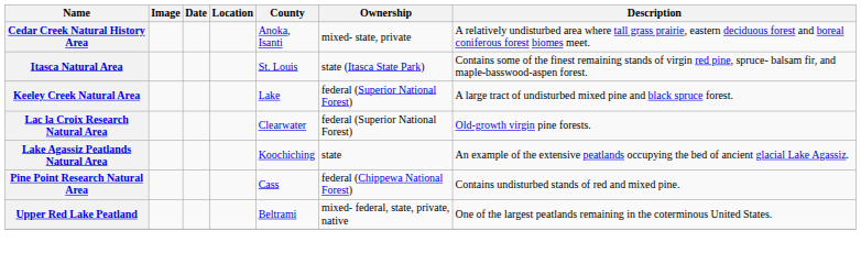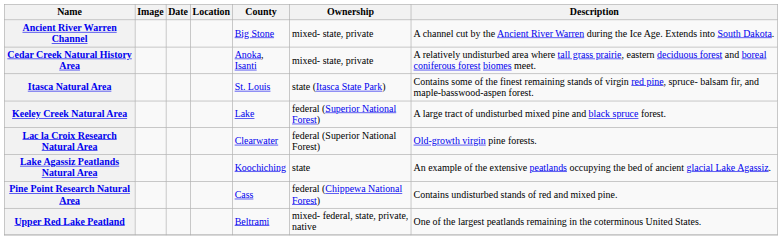 <table class="wikitable sortable" align="center">
 <tr>
 <th style="background-color:">Name</th>
 <th style="background-color:">Image</th>
 <th style="background-color:">Date</th>
 <th style="background-color:">Location</th>
 <th style="background-color:">County</th>
 <th style="background-color:">Ownership</th>
 <th style="background-color:">Description</th>
+</tr>
+<tr>
+<th><a href='#'>Ancient River Warren Channel</a></th>
+<td></td>
+<td></td>
+<td></td>
+<td><a href='#'>Big Stone</a></td>
+<td>mixed- state, private</td>
+<td>A channel cut by the <a href='#'>Ancient River Warren</a> during the Ice Age. Extends into <a href='#'>South Dakota</a>.</td>
 </tr>
 <tr>
 <th><a href='#'>Cedar Creek Natural History Area</a></th>
 <td></td>
 <td></td>
 <td></td>
 <td><a href='#'>Anoka</a>, <a href='#'>Isanti</a></td>
 <td>mixed- state, private</td>
 <td>A relatively undisturbed area where <a href='#'>tall grass prairie</a>, eastern <a href='#'>deciduous forest</a> and <a href='#'>boreal</a> <a href='#'>coniferous forest</a> <a href='#'>biomes</a> meet.</td>
 </tr>
 <tr>
 <th><a href='#'>Itasca Natural Area</a></th>
 <td></td>
 <td></td>
 <td></td>
 <td><a href='#'>St. Louis</a></td>
 <td>state (<a href='#'>Itasca State Park</a>)</td>
 <td>Contains some of the finest remaining stands of virgin <a href='#'>red pine</a>, spruce- balsam fir, and maple-basswood-aspen forest.</td>
 </tr>
 <tr>
 <th><a href='#'>Keeley Creek Natural Area</a></th>
 <td></td>
 <td></td>
 <td></td>
 <td><a href='#'>Lake</a></td>
 <td>federal (<a href='#'>Superior National Forest</a>)</td>
 <td>A large tract of undisturbed mixed pine and <a href='#'>black spruce</a> forest.</td>
 </tr>
 <tr>
 <th><a href='#'>Lac la Croix Research Natural Area</a></th>
 <td></td>
 <td></td>
 <td></td>
 <td><a href='#'>Clearwater</a></td>
 <td>federal (Superior National Forest)</td>
 <td><a href='#'>Old-growth virgin</a> pine forests.</td>
 </tr>
 <tr>
 <th><a href='#'>Lake Agassiz Peatlands Natural Area</a></th>
 <td></td>
 <td></td>
 <td></td>
 <td><a href='#'>Koochiching</a></td>
 <td>state</td>
 <td>An example of the extensive <a href='#'>peatlands</a> occupying the bed of ancient <a href='#'>glacial Lake Agassiz</a>.</td>
 </tr>
 <tr>
 <th><a href='#'>Pine Point Research Natural Area</a></th>
 <td></td>
 <td></td>
 <td></td>
 <td><a href='#'>Cass</a></td>
 <td>federal (<a href='#'>Chippewa National Forest</a>)</td>
 <td>Contains undisturbed stands of red and mixed pine.</td>
 </tr>
 <tr>
 <th><a href='#'>Upper Red Lake Peatland</a></th>
 <td></td>
 <td></td>
 <td></td>
 <td><a href='#'>Beltrami</a></td>
 <td>mixed- federal, state, private, native</td>
 <td>One of the largest peatlands remaining in the coterminous United States.</td>
 </tr>
 <tr>
 </tr>
 </table>
